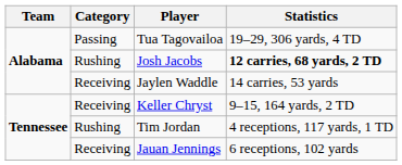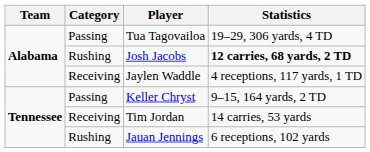 <table class="wikitable" style="float: right;">
 <tr>
 <th>Team</th>
 <th>Category</th>
 <th>Player</th>
 <th>Statistics</th>
 </tr>
 <tr>
 <td rowspan=3><strong>Alabama</strong></td>
 <td>Passing</td>
 <td>Tua Tagovailoa</td>
 <td>19–29, 306 yards, 4 TD</td>
 </tr>
 <tr>
 <td>Rushing</td>
 <td><a href='#'>Josh Jacobs</a></td>
 <td><strong>12 carries, 68 yards, 2 TD</strong></td>
 </tr>
 <tr>
 <td>Receiving</td>
 <td>Jaylen Waddle</td>
-<td>14 carries, 53 yards</td>
+<td>4 receptions, 117 yards, 1 TD</td>
 </tr>
 <tr>
 <td rowspan=3><strong>Tennessee</strong></td>
-<td>Receiving</td>
+<td>Passing</td>
 <td><a href='#'>Keller Chryst</a></td>
 <td>9–15, 164 yards, 2 TD</td>
 </tr>
 <tr>
-<td>Rushing</td>
+<td>Receiving</td>
 <td>Tim Jordan</td>
-<td>4 receptions, 117 yards, 1 TD</td>
+<td>14 carries, 53 yards</td>
 </tr>
 <tr>
-<td>Receiving</td>
+<td>Rushing</td>
 <td><a href='#'>Jauan Jennings</a></td>
 <td>6 receptions, 102 yards</td>
 </tr>
 </table>
